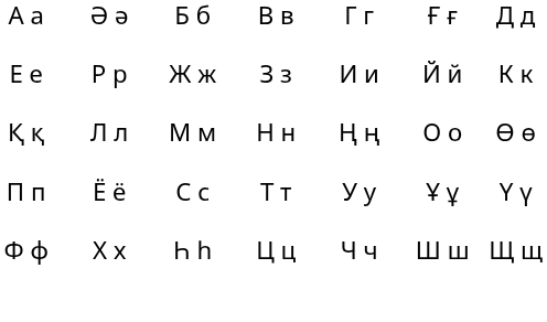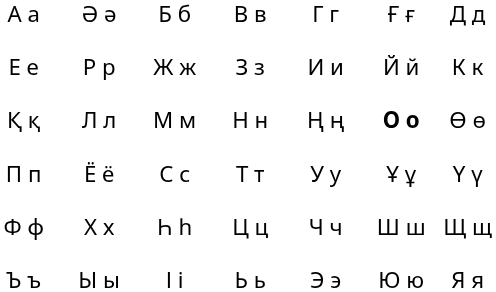 <table class="standard; mw-collapsible" cellpadding="4" style="font-size: 1.6em; font-family:'Noto Sans', sans; line-height: 2em; text-align: center;">
 <tr>
 <td style="width:3em;">А а</td>
 <td style="width:3em;">Ә ә</td>
 <td style="width:3em;">Б б</td>
 <td style="width:3em;">В в</td>
 <td style="width:3em;">Г г</td>
 <td style="width:3em;">Ғ ғ</td>
 <td style="width;3em;">Д д</td>
 </tr>
 <tr>
 <td>Е е</td>
 <td>Р р</td>
 <td>Ж ж</td>
 <td>З з</td>
 <td>И и</td>
 <td>Й й</td>
 <td>К к</td>
 </tr>
 <tr>
 <td>Қ қ</td>
 <td>Л л</td>
 <td>М м</td>
 <td>Н н</td>
 <td>Ң ң</td>
-<td>О о</td>
+<td><strong>О о</strong></td>
 <td>Ө ө</td>
 </tr>
 <tr>
 <td>П п</td>
 <td>Ё ё</td>
 <td>С с</td>
 <td>Т т</td>
 <td>У у</td>
 <td>Ұ ұ</td>
 <td>Ү ү</td>
 </tr>
 <tr>
 <td>Ф ф</td>
 <td>Х х</td>
 <td>Һ һ</td>
 <td>Ц ц</td>
 <td>Ч ч</td>
 <td>Ш ш</td>
 <td>Щ щ</td>
 </tr>
+<tr>
+<td>Ъ ъ</td>
+<td>Ы ы</td>
+<td>І і</td>
+<td>Ь ь</td>
+<td>Э э</td>
+<td>Ю ю</td>
+<td>Я я</td>
+</tr>
 </table>
